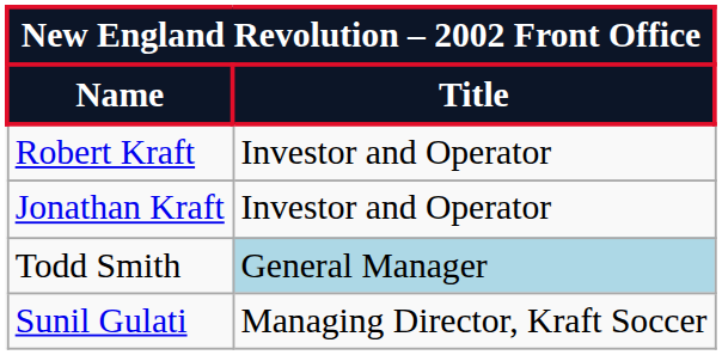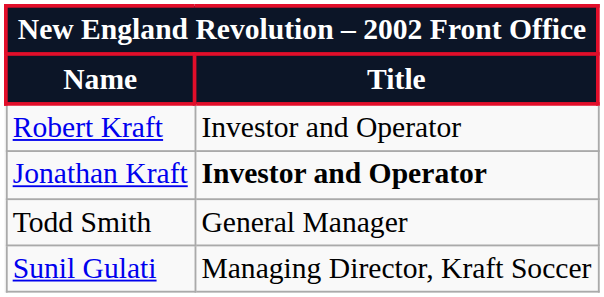 <table class="wikitable">
 <tr>
 <th colspan="7" style="background:#0c1527; color:#fff; border:2px solid #e20e2a; text-align: center; font-weight:bold;">New England Revolution – 2002 Front Office</th>
 </tr>
 <tr>
 <th style="background:#0c1527; color:#fff; border:2px solid #e20e2a;" scope="col">Name</th>
 <th style="background:#0c1527; color:#fff; border:2px solid #e20e2a;" scope="col">Title</th>
 </tr>
 <tr>
 <td><a href='#'>Robert Kraft</a></td>
 <td>Investor and Operator</td>
 </tr>
 <tr>
 <td><a href='#'>Jonathan Kraft</a></td>
-<td>Investor and Operator</td>
+<td><strong>Investor and Operator</strong></td>
 </tr>
 <tr>
 <td>Todd Smith</td>
-<td style="background: lightblue;">General Manager</td>
+<td>General Manager</td>
 </tr>
 <tr>
 <td><a href='#'>Sunil Gulati</a></td>
 <td>Managing Director, Kraft Soccer</td>
 </tr>
 </table>
